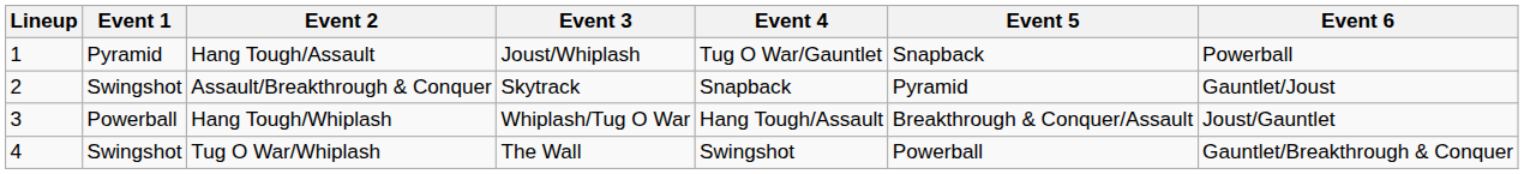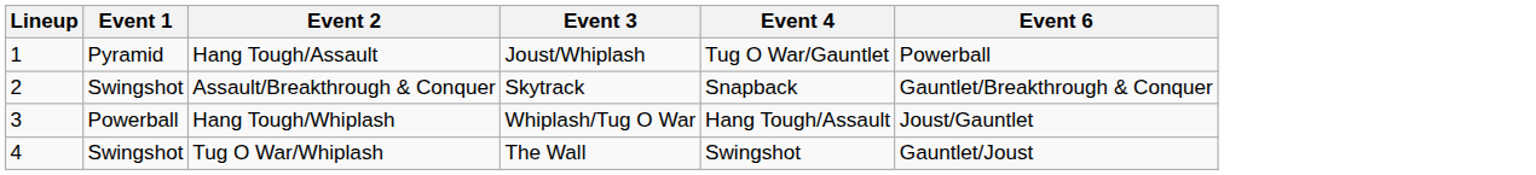 <table class="wikitable" style="white-space:nowrap; align:center;">
 <tr>
 <th>Lineup</th>
 <th>Event 1</th>
 <th>Event 2</th>
 <th>Event 3</th>
 <th>Event 4</th>
-<th>Event 5</th>
 <th>Event 6</th>
 </tr>
 <tr>
 <td>1</td>
 <td>Pyramid</td>
 <td>Hang Tough/Assault</td>
 <td>Joust/Whiplash</td>
 <td>Tug O War/Gauntlet</td>
-<td>Snapback</td>
 <td>Powerball</td>
 </tr>
 <tr>
 <td>2</td>
 <td>Swingshot</td>
 <td>Assault/Breakthrough & Conquer</td>
 <td>Skytrack</td>
 <td>Snapback</td>
-<td>Pyramid</td>
-<td>Gauntlet/Joust</td>
+<td>Gauntlet/Breakthrough & Conquer</td>
 </tr>
 <tr>
 <td>3</td>
 <td>Powerball</td>
 <td>Hang Tough/Whiplash</td>
 <td>Whiplash/Tug O War</td>
 <td>Hang Tough/Assault</td>
-<td>Breakthrough & Conquer/Assault</td>
 <td>Joust/Gauntlet</td>
 </tr>
 <tr>
 <td>4</td>
 <td>Swingshot</td>
 <td>Tug O War/Whiplash</td>
 <td>The Wall</td>
 <td>Swingshot</td>
-<td>Powerball</td>
-<td>Gauntlet/Breakthrough & Conquer</td>
+<td>Gauntlet/Joust</td>
 </tr>
 </table>
